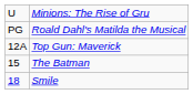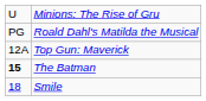 <table class="wikitable sortable" style="margin:auto; margin:auto;">
 <tr>
 <td>U</td>
 <td><em><a href='#'>Minions: The Rise of Gru</a></em></td>
 </tr>
 <tr>
 <td>PG</td>
 <td><em><a href='#'>Roald Dahl's Matilda the Musical</a></em></td>
 </tr>
 <tr>
 <td>12A</td>
 <td><em><a href='#'>Top Gun: Maverick</a></em></td>
 </tr>
 <tr>
-<td>15</td>
+<td><strong>15</strong></td>
 <td><em><a href='#'>The Batman</a></em></td>
 </tr>
 <tr>
 <td><a href='#'>18</a></td>
 <td><em><a href='#'>Smile</a></em></td>
 </tr>
 </table>
